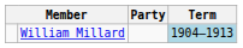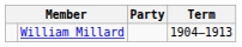 <table class="wikitable">
 <tr>
 <th colspan="2">Member</th>
 <th>Party</th>
 <th>Term</th>
 </tr>
 <tr>
 <td> </td>
 <td><a href='#'>William Millard</a></td>
 <td></td>
-<td style="background: lightblue;">1904–1913</td>
+<td>1904–1913</td>
 </tr>
 </table>
